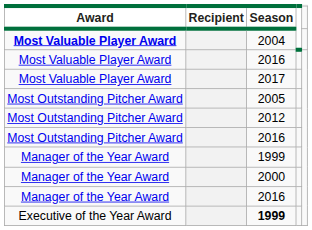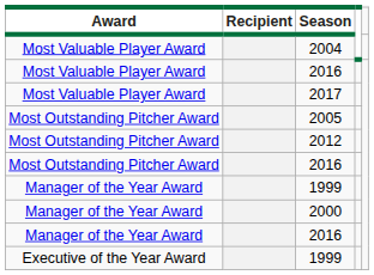 <table class="wikitable sortable plainrowheaders" style="font-size: 95%; text-align:center;">
 <tr>
 <th scope="col" style="background-color:#ffffff; border-top:#00703c 5px solid; border-bottom:#00703c 5px solid; color:#231f20">Award</th>
 <th scope="col" style="background-color:#ffffff; border-top:#00703c 5px solid; border-bottom:#00703c 5px solid; color:#231f20">Recipient</th>
 <th scope="col" style="background-color:#ffffff; border-top:#00703c 5px solid; border-bottom:#00703c 5px solid; color:#231f20">Season</th>
 <th rowspan="2" class="unsortable" scope="col" style="background-color:#ffffff; border-top:#00703c 5px solid; border-bottom:#00703c 5px solid; color:#231f20"></th>
 </tr>
 <tr>
-<td><strong><a href='#'>Most Valuable Player Award</a></strong></td>
+<td><a href='#'>Most Valuable Player Award</a></td>
 <th scope="row" style="text-align:center"></th>
 <td>2004</td>
 <td></td>
 </tr>
 <tr>
 <td><a href='#'>Most Valuable Player Award</a></td>
 <th scope="row" style="text-align:center"></th>
 <td>2016</td>
 <td></td>
 </tr>
 <tr>
 <td><a href='#'>Most Valuable Player Award</a></td>
 <th scope="row" style="text-align:center"></th>
 <td>2017</td>
 <td></td>
 </tr>
 <tr>
 <td><a href='#'>Most Outstanding Pitcher Award</a></td>
 <th scope="row" style="text-align:center"></th>
 <td>2005</td>
 <td></td>
 </tr>
 <tr>
 <td><a href='#'>Most Outstanding Pitcher Award</a></td>
 <th scope="row" style="text-align:center"></th>
 <td>2012</td>
 <td></td>
 </tr>
 <tr>
 <td><a href='#'>Most Outstanding Pitcher Award</a></td>
 <th scope="row" style="text-align:center"></th>
 <td>2016</td>
 <td></td>
 </tr>
 <tr>
 <td><a href='#'>Manager of the Year Award</a></td>
 <th scope="row" style="text-align:center"></th>
 <td>1999</td>
 <td></td>
 </tr>
 <tr>
 <td><a href='#'>Manager of the Year Award</a></td>
 <th scope="row" style="text-align:center"></th>
 <td>2000</td>
 <td></td>
 </tr>
 <tr>
 <td><a href='#'>Manager of the Year Award</a></td>
 <th scope="row" style="text-align:center"></th>
 <td>2016</td>
 <td></td>
 </tr>
 <tr>
 <td>Executive of the Year Award</td>
 <th scope="row" style="text-align:center"></th>
-<td><strong>1999</strong></td>
+<td>1999</td>
 <td></td>
 </tr>
 </table>
